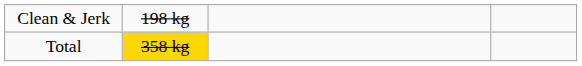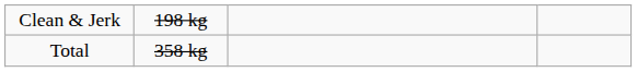 <table class = "wikitable" style="text-align:center;">
 <tr>
 <td width=100>Clean & Jerk</td>
 <td width=70><s>198 kg</s></td>
 <td width=250 align=left><s></s></td>
 <td width=70><s></s></td>
 </tr>
 <tr>
 <td>Total</td>
-<td style="background: gold;"><s>358 kg</s></td>
+<td><s>358 kg</s></td>
 <td align=left><s></s></td>
 <td><s></s></td>
 </tr>
 </table>
